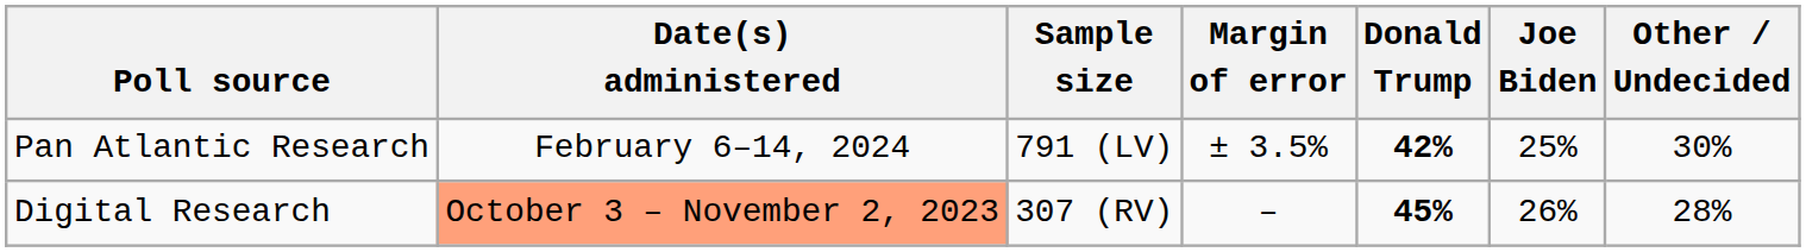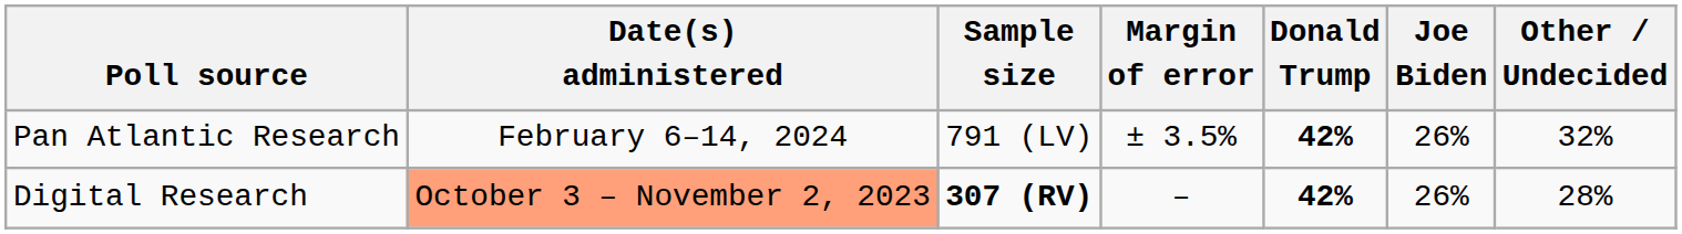 <table class="wikitable sortable mw-datatable" style="font-size:90%;text-align:center;line-height:17px">
 <tr style="vertical-align:bottom">
 <th>Poll source</th>
 <th>Date(s)<br>administered</th>
 <th>Sample<br>size</th>
 <th>Margin<br>of error</th>
 <th class="unsortable">Donald<br>Trump<br></th>
 <th class="unsortable">Joe<br>Biden<br></th>
 <th class="unsortable">Other /<br>Undecided</th>
 </tr>
 <tr>
 <td style="text-align:left;">Pan Atlantic Research</td>
 <td>February 6–14, 2024</td>
 <td>791 (LV)</td>
 <td>± 3.5%</td>
 <td style="background-color:"><strong>42%</strong></td>
-<td>25%</td>
-<td>30%</td>
+<td>26%</td>
+<td>32%</td>
 </tr>
 <tr>
 <td style="text-align:left;">Digital Research</td>
 <td data-sort-value=2024-01-11 style="background: lightsalmon;">October 3 – November 2, 2023</td>
-<td>307 (RV)</td>
+<td><strong>307 (RV)</strong></td>
 <td>–</td>
-<td style="background-color:"><strong>45%</strong></td>
+<td style="background-color:"><strong>42%</strong></td>
 <td>26%</td>
 <td>28%</td>
 </tr>
 </table>
